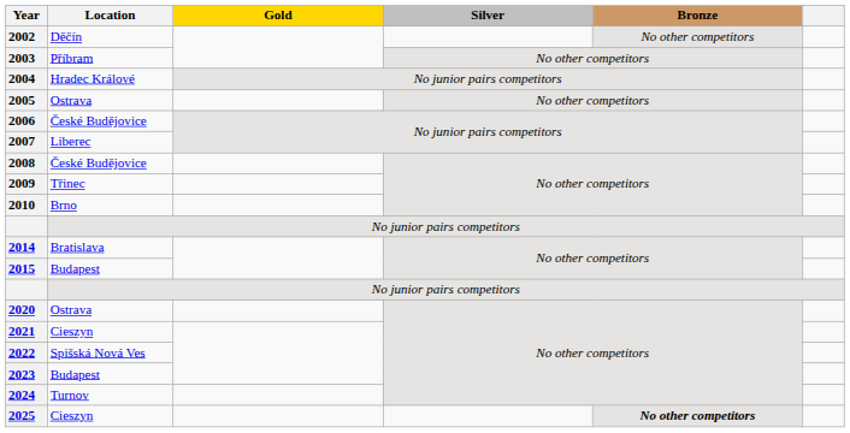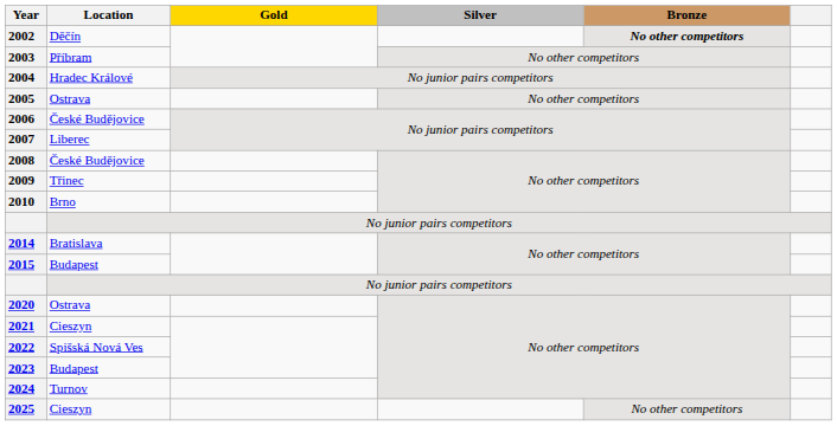 <table class="wikitable unsortable" style="text-align:left; width:80%">
 <tr>
 <th scope="col" style="text-align:center; width:5%">Year</th>
 <th scope="col" style="text-align:center; width:15%">Location</th>
 <td scope="col" style="text-align:center; width:25%; background:gold"><strong>Gold</strong></td>
 <td scope="col" style="text-align:center; width:25%; background:silver"><strong>Silver</strong></td>
 <td scope="col" style="text-align:center; width:25%; background:#c96"><strong>Bronze</strong></td>
 <th scope="col" style="text-align:center; width:5%"></th>
 </tr>
 <tr>
 <th scope="row" style="text-align:left">2002</th>
 <td><a href='#'>Děčín</a></td>
 <td rowspan="2"></td>
 <td></td>
-<td align="center" bgcolor="e5e4e2"><em>No other competitors</em></td>
+<td align="center" bgcolor="e5e4e2"><strong><em>No other competitors</em></strong></td>
 <td></td>
 </tr>
 <tr>
 <th scope="row" style="text-align:left">2003</th>
 <td><a href='#'>Příbram</a></td>
 <td colspan="2" align="center" bgcolor="e5e4e2"><em>No other competitors</em></td>
 <td></td>
 </tr>
 <tr>
 <th scope="row" style="text-align:left">2004</th>
 <td><a href='#'>Hradec Králové</a></td>
 <td colspan="3" align="center" bgcolor="e5e4e2"><em>No junior pairs competitors</em></td>
 <td></td>
 </tr>
 <tr>
 <th scope="row" style="text-align:left">2005</th>
 <td><a href='#'>Ostrava</a></td>
 <td></td>
 <td colspan="2" align="center" bgcolor="e5e4e2"><em>No other competitors</em></td>
 <td></td>
 </tr>
 <tr>
 <th scope="row" style="text-align:left">2006</th>
 <td><a href='#'>České Budějovice</a></td>
 <td colspan="3" rowspan="2" align="center" bgcolor="e5e4e2"><em>No junior pairs competitors</em></td>
 <td></td>
 </tr>
 <tr>
 <th scope="row" style="text-align:left">2007</th>
 <td><a href='#'>Liberec</a></td>
 <td></td>
 </tr>
 <tr>
 <th scope="row" style="text-align:left">2008</th>
 <td><a href='#'>České Budějovice</a></td>
 <td></td>
 <td colspan="2" rowspan="3" align="center" bgcolor="e5e4e2"><em>No other competitors</em></td>
 <td></td>
 </tr>
 <tr>
 <th scope="row" style="text-align:left">2009</th>
 <td><a href='#'>Třinec</a></td>
 <td></td>
 <td></td>
 </tr>
 <tr>
 <th scope="row" style="text-align:left">2010</th>
 <td><a href='#'>Brno</a></td>
 <td></td>
 <td></td>
 </tr>
 <tr>
 <th scope="row" style="text-align:left"></th>
 <td colspan="5" align="center" bgcolor="e5e4e2"><em>No junior pairs competitors</em></td>
 </tr>
 <tr>
 <th scope="row" style="text-align:left"><a href='#'>2014</a></th>
 <td> <a href='#'>Bratislava</a></td>
 <td rowspan="2"></td>
 <td colspan="2" rowspan="2" align="center" bgcolor="e5e4e2"><em>No other competitors</em></td>
 <td></td>
 </tr>
 <tr>
 <th scope="row" style="text-align:left"><a href='#'>2015</a></th>
 <td> <a href='#'>Budapest</a></td>
 <td></td>
 </tr>
 <tr>
 <th scope="row" style="text-align:left"></th>
 <td colspan="5" align="center" bgcolor="e5e4e2"><em>No junior pairs competitors</em></td>
 </tr>
 <tr>
 <th scope="row" style="text-align:left"><a href='#'>2020</a></th>
 <td><a href='#'>Ostrava</a></td>
 <td></td>
 <td colspan="2" rowspan="5" align="center" bgcolor="e5e4e2"><em>No other competitors</em></td>
 <td></td>
 </tr>
 <tr>
 <th scope="row" style="text-align:left"><a href='#'>2021</a></th>
 <td> <a href='#'>Cieszyn</a></td>
 <td rowspan="3"></td>
 <td></td>
 </tr>
 <tr>
 <th scope="row" style="text-align:left"><a href='#'>2022</a></th>
 <td> <a href='#'>Spišská Nová Ves</a></td>
 <td></td>
 </tr>
 <tr>
 <th scope="row" style="text-align:left"><a href='#'>2023</a></th>
 <td> <a href='#'>Budapest</a></td>
 <td></td>
 </tr>
 <tr>
 <th scope="row" style="text-align:left"><a href='#'>2024</a></th>
 <td><a href='#'>Turnov</a></td>
 <td></td>
 <td></td>
 </tr>
 <tr>
 <th scope="row" style="text-align:left"><a href='#'>2025</a></th>
 <td> <a href='#'>Cieszyn</a></td>
 <td></td>
 <td></td>
-<td align="center" bgcolor="e5e4e2"><strong><em>No other competitors</em></strong></td>
+<td align="center" bgcolor="e5e4e2"><em>No other competitors</em></td>
 <td></td>
 </tr>
 </table>
